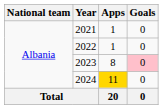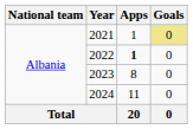 <table class="wikitable" style="text-align:center">
 <tr>
 <th>National team</th>
 <th>Year</th>
 <th>Apps</th>
 <th>Goals</th>
 </tr>
 <tr>
 <td rowspan="4"><a href='#'>Albania</a></td>
 <td>2021</td>
 <td>1</td>
-<td>0</td>
+<td style="background: khaki;">0</td>
 </tr>
 <tr>
 <td>2022</td>
-<td>1</td>
+<td><strong>1</strong></td>
 <td>0</td>
 </tr>
 <tr>
 <td>2023</td>
 <td>8</td>
-<td style="background: pink;">0</td>
+<td>0</td>
 </tr>
 <tr>
 <td>2024</td>
-<td style="background: gold;">11</td>
+<td>11</td>
 <td>0</td>
 </tr>
 <tr>
 <th colspan="2">Total</th>
 <th>20</th>
 <th>0</th>
 </tr>
 </table>
